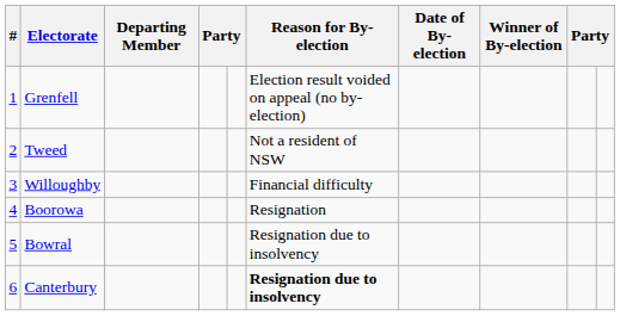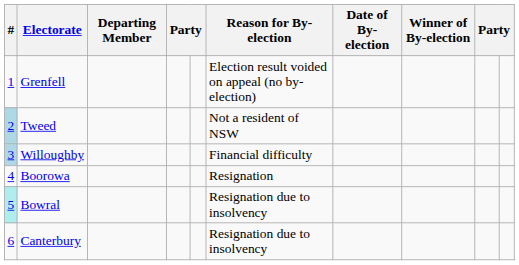 <table class="wikitable sortable">
 <tr>
 <th><strong>#</strong></th>
 <th><strong><a href='#'>Electorate</a></strong></th>
 <th><strong>Departing Member</strong></th>
 <th colspan="2"><strong>Party </strong></th>
 <th><strong>Reason for By-election</strong></th>
 <th><strong>Date of By-election</strong></th>
 <th><strong>Winner of By-election</strong></th>
 <th colspan="2"><strong>Party </strong></th>
 </tr>
 <tr>
 <td><a href='#'>1</a></td>
 <td><a href='#'>Grenfell</a></td>
 <td></td>
 <td> </td>
 <td></td>
 <td>Election result voided on appeal (no by-election)</td>
 <td></td>
 <td></td>
 <td> </td>
 <td></td>
 </tr>
 <tr>
-<td><a href='#'>2</a></td>
+<td style="background: lightblue;"><a href='#'>2</a></td>
 <td><a href='#'>Tweed</a></td>
 <td></td>
 <td> </td>
 <td></td>
 <td>Not a resident of NSW</td>
 <td></td>
 <td></td>
 <td> </td>
 <td></td>
 </tr>
 <tr>
-<td><a href='#'>3</a></td>
+<td style="background: lightblue;"><a href='#'>3</a></td>
 <td><a href='#'>Willoughby</a></td>
 <td></td>
 <td> </td>
 <td></td>
 <td>Financial difficulty</td>
 <td></td>
 <td></td>
 <td> </td>
 <td></td>
 </tr>
 <tr>
 <td><a href='#'>4</a></td>
 <td><a href='#'>Boorowa</a></td>
 <td></td>
 <td> </td>
 <td></td>
 <td>Resignation</td>
 <td></td>
 <td></td>
 <td> </td>
 <td></td>
 </tr>
 <tr>
-<td><a href='#'>5</a></td>
+<td style="background: paleturquoise;"><a href='#'>5</a></td>
 <td><a href='#'>Bowral</a></td>
 <td></td>
 <td> </td>
 <td></td>
 <td>Resignation due to insolvency</td>
 <td></td>
 <td></td>
 <td> </td>
 <td></td>
 </tr>
 <tr>
 <td><a href='#'>6</a></td>
 <td><a href='#'>Canterbury</a></td>
 <td></td>
 <td> </td>
 <td></td>
-<td><strong>Resignation due to insolvency</strong></td>
+<td>Resignation due to insolvency</td>
 <td></td>
 <td></td>
 <td> </td>
 <td></td>
 </tr>
 </table>
